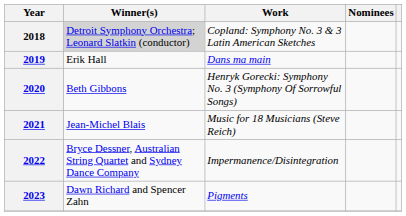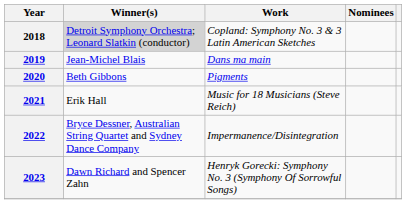 <table class="wikitable sortable">
 <tr>
 <th scope="col" style="width:5em;">Year</th>
 <th scope="col" style="width:200px;">Winner(s)</th>
 <th scope="col" style="width:200px;">Work</th>
 <th scope="col" class="unsortable">Nominees</th>
 <th scope="col" class="unsortable"></th>
 </tr>
 <tr>
 <th scope="row">2018</th>
 <td style="background: lightgrey;"><a href='#'>Detroit Symphony Orchestra</a>; <a href='#'>Leonard Slatkin</a> (conductor)</td>
 <td><em>Copland: Symphony No. 3 & 3 Latin American Sketches</em></td>
 <td></td>
 <td align="center"></td>
 </tr>
 <tr>
 <th scope="row"><a href='#'>2019</a></th>
-<td>Erik Hall</td>
+<td><a href='#'>Jean-Michel Blais</a></td>
 <td><em><a href='#'>Dans ma main</a></em></td>
 <td></td>
 <td align="center"></td>
 </tr>
 <tr>
 <th scope="row"><a href='#'>2020</a></th>
 <td><a href='#'>Beth Gibbons</a></td>
-<td><em>Henryk Gorecki: Symphony No. 3 (Symphony Of Sorrowful Songs)</em></td>
+<td><em><a href='#'>Pigments</a></em></td>
 <td></td>
 <td align="center"></td>
 </tr>
 <tr>
 <th scope="row"><a href='#'>2021</a></th>
-<td><a href='#'>Jean-Michel Blais</a></td>
+<td>Erik Hall</td>
 <td><em>Music for 18 Musicians (Steve Reich)</em></td>
 <td></td>
 <td align="center"></td>
 </tr>
 <tr>
 <th scope="row"><a href='#'>2022</a></th>
 <td><a href='#'>Bryce Dessner</a>, <a href='#'>Australian String Quartet</a> and <a href='#'>Sydney Dance Company</a></td>
 <td><em>Impermanence/Disintegration</em></td>
 <td></td>
 <td align="center"></td>
 </tr>
 <tr>
 <th scope="row"><a href='#'>2023</a></th>
 <td><a href='#'>Dawn Richard</a> and Spencer Zahn</td>
-<td><em><a href='#'>Pigments</a></em></td>
+<td><em>Henryk Gorecki: Symphony No. 3 (Symphony Of Sorrowful Songs)</em></td>
 <td></td>
 <td align="center"></td>
 </tr>
 <tr>
 </tr>
 </table>
